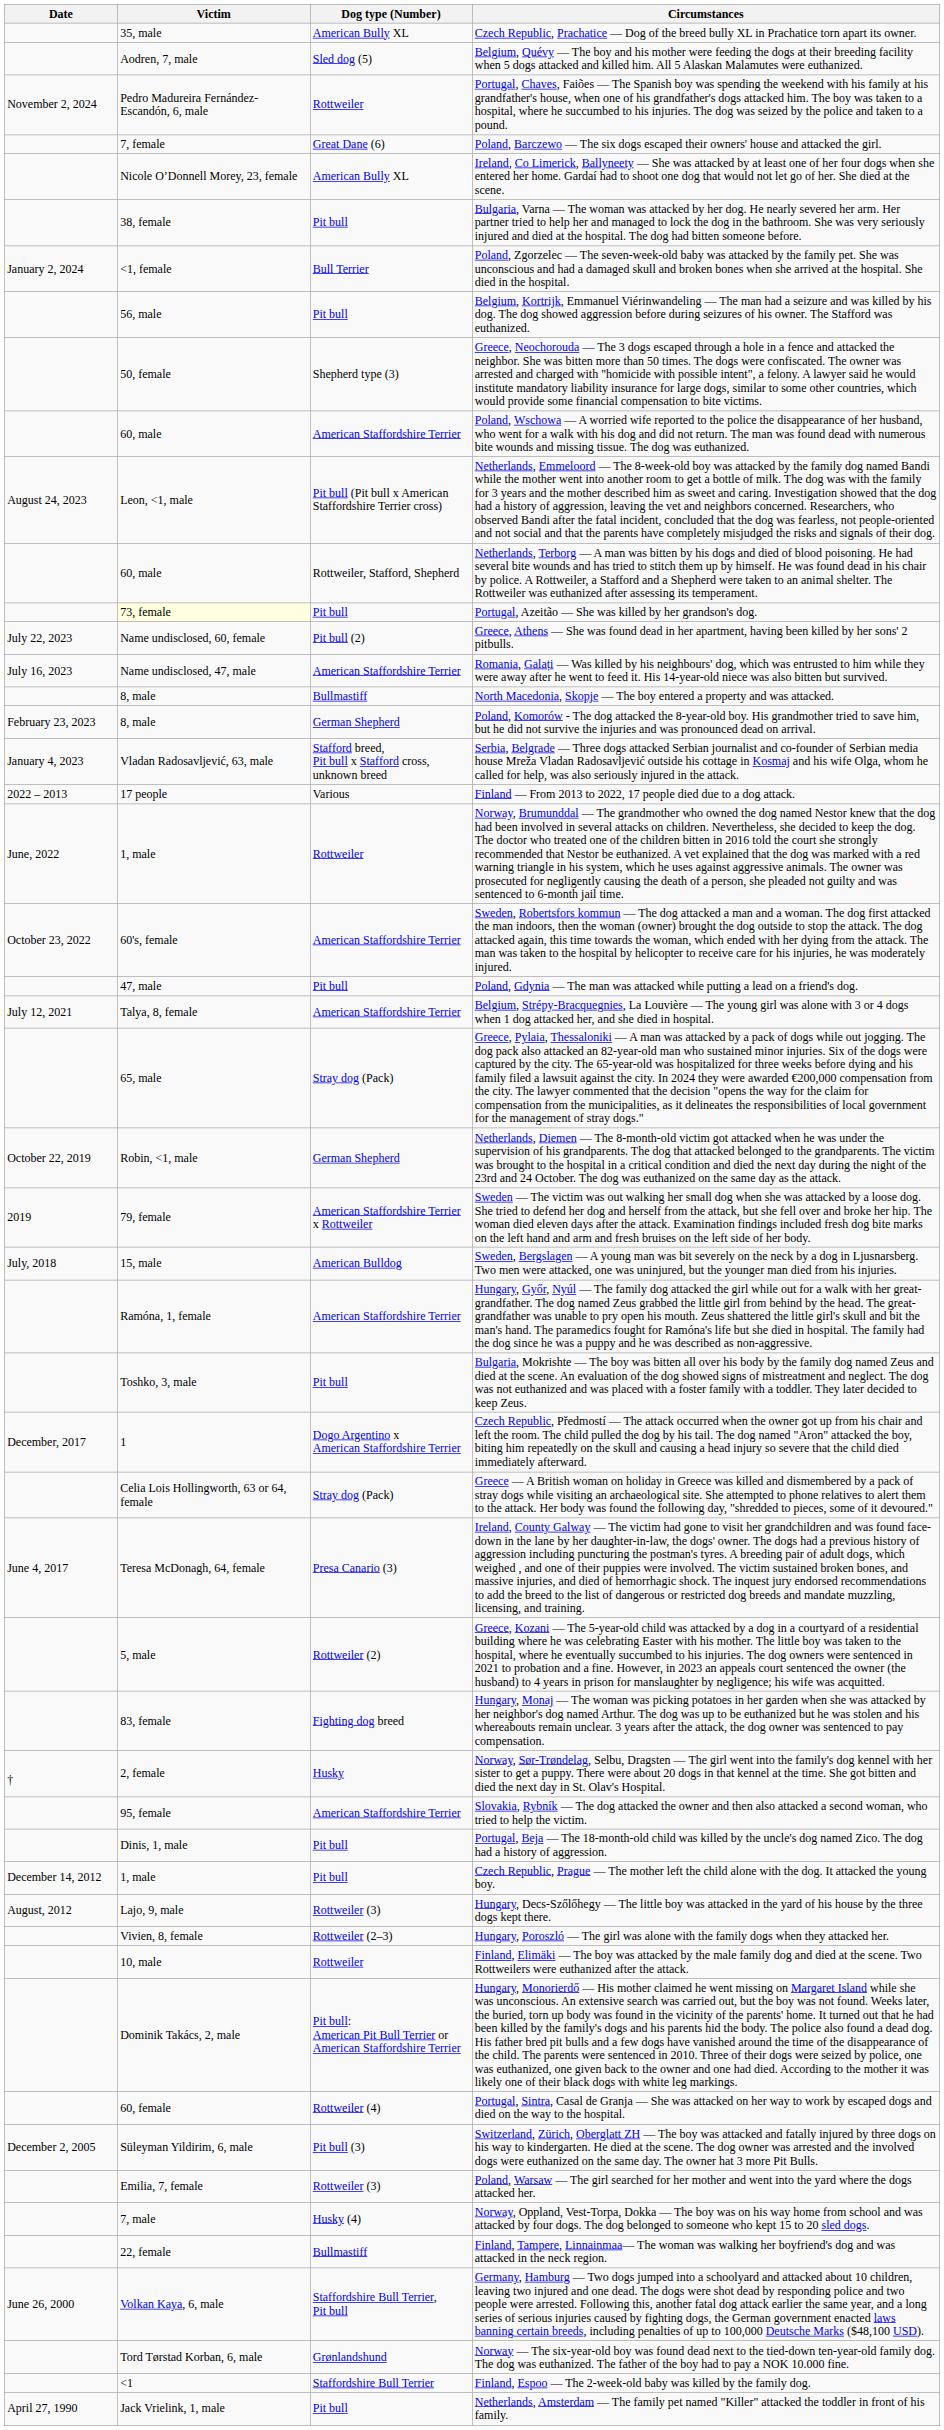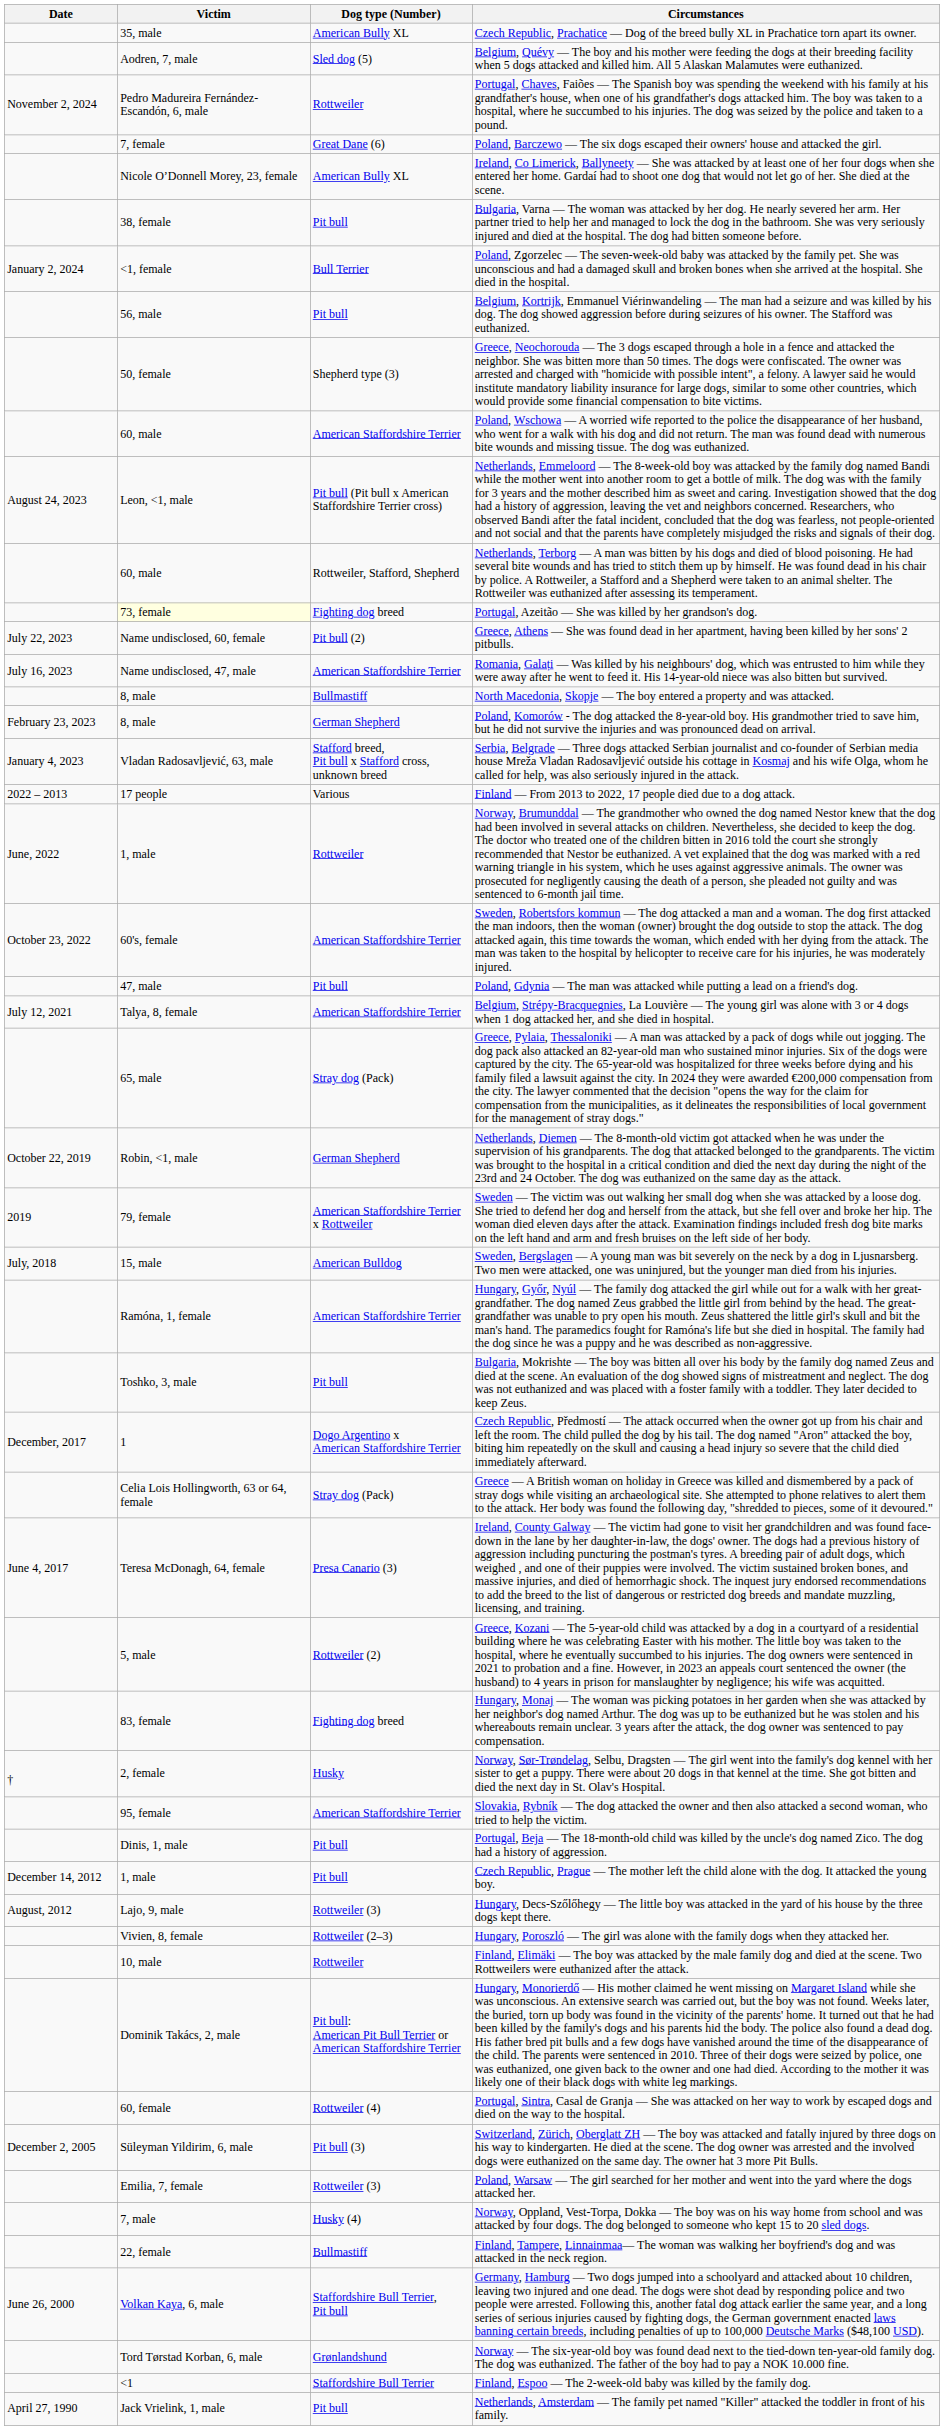 <table class="wikitable sortable">
 <tr>
 <th width="85">Date</th>
 <th style="width:150px;">Victim</th>
 <th style="width:125px;">Dog type (Number)</th>
 <th width="50%">Circumstances</th>
 </tr>
 <tr>
 <td></td>
 <td>35, male</td>
 <td><a href='#'>American Bully</a> XL</td>
 <td><a href='#'>Czech Republic</a>, <a href='#'>Prachatice</a> — Dog of the breed bully XL in Prachatice torn apart its owner.</td>
 </tr>
 <tr>
 <td></td>
 <td>Aodren, 7, male</td>
 <td><a href='#'>Sled dog</a> (5)</td>
 <td><a href='#'>Belgium</a>, <a href='#'>Quévy</a> — The boy and his mother were feeding the dogs at their breeding facility when 5 dogs attacked and killed him. All 5 Alaskan Malamutes were euthanized.</td>
 </tr>
 <tr>
 <td>November 2, 2024</td>
 <td>Pedro Madureira Fernández-Escandón, 6, male</td>
 <td><a href='#'>Rottweiler</a></td>
 <td><a href='#'>Portugal</a>, <a href='#'>Chaves</a>, Faiões — The Spanish boy was spending the weekend with his family at his grandfather's house, when one of his grandfather's dogs attacked him. The boy was taken to a hospital, where he succumbed to his injuries. The dog was seized by the police and taken to a pound.</td>
 </tr>
 <tr>
 <td></td>
 <td>7, female</td>
 <td><a href='#'>Great Dane</a> (6)</td>
 <td><a href='#'>Poland</a>, <a href='#'>Barczewo</a> — The six dogs escaped their owners' house and attacked the girl.</td>
 </tr>
 <tr>
 <td></td>
 <td>Nicole O’Donnell Morey, 23, female</td>
 <td><a href='#'>American Bully</a> XL</td>
 <td><a href='#'>Ireland</a>, <a href='#'>Co Limerick</a>, <a href='#'>Ballyneety</a> — She was attacked by at least one of her four dogs when she entered her home. Gardaí had to shoot one dog that would not let go of her. She died at the scene.</td>
 </tr>
 <tr>
 <td></td>
 <td>38, female</td>
 <td><a href='#'>Pit bull</a></td>
 <td><a href='#'>Bulgaria</a>, Varna — The woman was attacked by her dog. He nearly severed her arm. Her partner tried to help her and managed to lock the dog in the bathroom. She was very seriously injured and died at the hospital. The dog had bitten someone before.</td>
 </tr>
 <tr>
 <td>January 2, 2024</td>
 <td><1, female</td>
 <td><a href='#'>Bull Terrier</a></td>
 <td><a href='#'>Poland</a>, Zgorzelec — The seven-week-old baby was attacked by the family pet. She was unconscious and had a damaged skull and broken bones when she arrived at the hospital. She died in the hospital.</td>
 </tr>
 <tr>
 <td></td>
 <td>56, male</td>
 <td><a href='#'>Pit bull</a></td>
 <td><a href='#'>Belgium</a>, <a href='#'>Kortrijk</a>, Emmanuel Viérinwandeling — The man had a seizure and was killed by his dog. The dog showed aggression before during seizures of his owner. The Stafford was euthanized.</td>
 </tr>
 <tr>
 <td></td>
 <td>50, female</td>
 <td>Shepherd type (3)</td>
 <td><a href='#'>Greece</a>, <a href='#'>Neochorouda</a> — The 3 dogs escaped through a hole in a fence and attacked the neighbor. She was bitten more than 50 times. The dogs were confiscated. The owner was arrested and charged with "homicide with possible intent", a felony. A lawyer said he would institute mandatory liability insurance for large dogs, similar to some other countries, which would provide some financial compensation to bite victims.</td>
 </tr>
 <tr>
 <td></td>
 <td>60, male</td>
 <td><a href='#'>American Staffordshire Terrier</a></td>
 <td><a href='#'>Poland</a>, <a href='#'>Wschowa</a> — A worried wife reported to the police the disappearance of her husband, who went for a walk with his dog and did not return. The man was found dead with numerous bite wounds and missing tissue. The dog was euthanized.</td>
 </tr>
 <tr>
 <td>August 24, 2023</td>
 <td>Leon, <1, male</td>
 <td><a href='#'>Pit bull</a> (Pit bull x American Staffordshire Terrier cross)</td>
 <td><a href='#'>Netherlands</a>, <a href='#'>Emmeloord</a> — The 8-week-old boy was attacked by the family dog named Bandi while the mother went into another room to get a bottle of milk. The dog was with the family for 3 years and the mother described him as sweet and caring. Investigation showed that the dog had a history of aggression, leaving the vet and neighbors concerned. Researchers, who observed Bandi after the fatal incident, concluded that the dog was fearless, not people-oriented and not social and that the parents have completely misjudged the risks and signals of their dog.</td>
 </tr>
 <tr>
 <td></td>
 <td>60, male</td>
 <td>Rottweiler, Stafford, Shepherd</td>
 <td><a href='#'>Netherlands</a>, <a href='#'>Terborg</a> — A man was bitten by his dogs and died of blood poisoning. He had several bite wounds and has tried to stitch them up by himself. He was found dead in his chair by police. A Rottweiler, a Stafford and a Shepherd were taken to an animal shelter. The Rottweiler was euthanized after assessing its temperament.</td>
 </tr>
 <tr>
 <td></td>
 <td style="background: lightyellow;">73, female</td>
-<td><a href='#'>Pit bull</a></td>
+<td><a href='#'>Fighting dog</a> breed</td>
 <td><a href='#'>Portugal</a>, Azeitão — She was killed by her grandson's dog.</td>
 </tr>
 <tr>
 <td>July 22, 2023</td>
 <td>Name undisclosed, 60, female</td>
 <td><a href='#'>Pit bull</a> (2)</td>
 <td><a href='#'>Greece</a>, <a href='#'>Athens</a> — She was found dead in her apartment, having been killed by her sons' 2 pitbulls.</td>
 </tr>
 <tr>
 <td>July 16, 2023</td>
 <td>Name undisclosed, 47, male</td>
 <td><a href='#'>American Staffordshire Terrier</a></td>
 <td><a href='#'>Romania</a>, <a href='#'>Galați</a> — Was killed by his neighbours' dog, which was entrusted to him while they were away after he went to feed it. His 14-year-old niece was also bitten but survived.</td>
 </tr>
 <tr>
 <td></td>
 <td>8, male</td>
 <td><a href='#'>Bullmastiff</a></td>
 <td><a href='#'>North Macedonia</a>, <a href='#'>Skopje</a> — The boy entered a property and was attacked.</td>
 </tr>
 <tr>
 <td>February 23, 2023</td>
 <td>8, male</td>
 <td><a href='#'>German Shepherd</a></td>
 <td><a href='#'>Poland</a>, <a href='#'>Komorów</a> - The dog attacked the 8-year-old boy. His grandmother tried to save him, but he did not survive the injuries and was pronounced dead on arrival.</td>
 </tr>
 <tr>
 <td>January 4, 2023</td>
 <td>Vladan Radosavljević, 63, male</td>
 <td><a href='#'>Stafford</a> breed,<br><a href='#'>Pit bull</a> x <a href='#'>Stafford</a> cross, unknown breed</td>
 <td><a href='#'>Serbia</a>, <a href='#'>Belgrade</a> — Three dogs attacked Serbian journalist and co-founder of Serbian media house Mreža Vladan Radosavljević outside his cottage in <a href='#'>Kosmaj</a> and his wife Olga, whom he called for help, was also seriously injured in the attack.</td>
 </tr>
 <tr>
 <td>2022 – 2013</td>
 <td>17 people</td>
 <td>Various</td>
 <td><a href='#'>Finland</a> — From 2013 to 2022, 17 people died due to a dog attack.</td>
 </tr>
 <tr>
 <td>June, 2022</td>
 <td>1, male</td>
 <td><a href='#'>Rottweiler</a></td>
 <td><a href='#'>Norway</a>, <a href='#'>Brumunddal</a> — The grandmother who owned the dog named Nestor knew that the dog had been involved in several attacks on children. Nevertheless, she decided to keep the dog. The doctor who treated one of the children bitten in 2016 told the court she strongly recommended that Nestor be euthanized. A vet explained that the dog was marked with a red warning triangle in his system, which he uses against aggressive animals. The owner was prosecuted for negligently causing the death of a person, she pleaded not guilty and was sentenced to 6-month jail time.</td>
 </tr>
 <tr>
 <td>October 23, 2022</td>
 <td>60's, female</td>
 <td><a href='#'>American Staffordshire Terrier</a></td>
 <td><a href='#'>Sweden</a>, <a href='#'>Robertsfors kommun</a> — The dog attacked a man and a woman. The dog first attacked the man indoors, then the woman (owner) brought the dog outside to stop the attack. The dog attacked again, this time towards the woman, which ended with her dying from the attack. The man was taken to the hospital by helicopter to receive care for his injuries, he was moderately injured.</td>
 </tr>
 <tr>
 <td></td>
 <td>47, male</td>
 <td><a href='#'>Pit bull</a></td>
 <td><a href='#'>Poland</a>, <a href='#'>Gdynia</a> — The man was attacked while putting a lead on a friend's dog.</td>
 </tr>
 <tr>
 <td>July 12, 2021</td>
 <td>Talya, 8, female</td>
 <td><a href='#'>American Staffordshire Terrier</a></td>
 <td><a href='#'>Belgium</a>, <a href='#'>Strépy-Bracquegnies</a>, La Louvière — The young girl was alone with 3 or 4 dogs when 1 dog attacked her, and she died in hospital.</td>
 </tr>
 <tr>
 <td></td>
 <td>65, male</td>
 <td><a href='#'>Stray dog</a> (Pack)</td>
 <td><a href='#'>Greece</a>, <a href='#'>Pylaia</a>, <a href='#'>Thessaloniki</a> — A man was attacked by a pack of dogs while out jogging. The dog pack also attacked an 82-year-old man who sustained minor injuries. Six of the dogs were captured by the city. The 65-year-old was hospitalized for three weeks before dying and his family filed a lawsuit against the city. In 2024 they were awarded €200,000 compensation from the city. The lawyer commented that the decision "opens the way for the claim for compensation from the municipalities, as it delineates the responsibilities of local government for the management of stray dogs."</td>
 </tr>
 <tr>
 <td>October 22, 2019</td>
 <td>Robin, <1, male</td>
 <td><a href='#'>German Shepherd</a></td>
 <td><a href='#'>Netherlands</a>, <a href='#'>Diemen</a> — The 8-month-old victim got attacked when he was under the supervision of his grandparents. The dog that attacked belonged to the grandparents. The victim was brought to the hospital in a critical condition and died the next day during the night of the 23rd and 24 October. The dog was euthanized on the same day as the attack.</td>
 </tr>
 <tr>
 <td>2019</td>
 <td>79, female</td>
 <td><a href='#'>American Staffordshire Terrier</a> x <a href='#'>Rottweiler</a></td>
 <td><a href='#'>Sweden</a> — The victim was out walking her small dog when she was attacked by a loose dog. She tried to defend her dog and herself from the attack, but she fell over and broke her hip. The woman died eleven days after the attack. Examination findings included fresh dog bite marks on the left hand and arm and fresh bruises on the left side of her body.</td>
 </tr>
 <tr>
 <td>July, 2018</td>
 <td>15, male</td>
 <td><a href='#'>American Bulldog</a></td>
 <td><a href='#'>Sweden</a>, <a href='#'>Bergslagen</a> — A young man was bit severely on the neck by a dog in Ljusnarsberg. Two men were attacked, one was uninjured, but the younger man died from his injuries.</td>
 </tr>
 <tr>
 <td></td>
 <td>Ramóna, 1, female</td>
 <td><a href='#'>American Staffordshire Terrier</a></td>
 <td><a href='#'>Hungary</a>, <a href='#'>Győr</a>, <a href='#'>Nyúl</a> — The family dog attacked the girl while out for a walk with her great-grandfather. The dog named Zeus grabbed the little girl from behind by the head. The great-grandfather was unable to pry open his mouth. Zeus shattered the little girl's skull and bit the man's hand. The paramedics fought for Ramóna's life but she died in hospital. The family had the dog since he was a puppy and he was described as non-aggressive.</td>
 </tr>
 <tr>
 <td></td>
 <td>Toshko, 3, male</td>
 <td><a href='#'>Pit bull</a></td>
 <td><a href='#'>Bulgaria</a>, Mokrishte — The boy was bitten all over his body by the family dog named Zeus and died at the scene. An evaluation of the dog showed signs of mistreatment and neglect. The dog was not euthanized and was placed with a foster family with a toddler. They later decided to keep Zeus.</td>
 </tr>
 <tr>
 <td>December, 2017</td>
 <td>1</td>
 <td><a href='#'>Dogo Argentino</a> x<br><a href='#'>American Staffordshire Terrier</a></td>
 <td><a href='#'>Czech Republic</a>, Předmostí — The attack occurred when the owner got up from his chair and left the room. The child pulled the dog by his tail. The dog named "Aron" attacked the boy, biting him repeatedly on the skull and causing a head injury so severe that the child died immediately afterward.</td>
 </tr>
 <tr>
 <td></td>
 <td>Celia Lois Hollingworth, 63 or 64, female</td>
 <td><a href='#'>Stray dog</a> (Pack)</td>
 <td><a href='#'>Greece</a> — A British woman on holiday in Greece was killed and dismembered by a pack of stray dogs while visiting an archaeological site. She attempted to phone relatives to alert them to the attack. Her body was found the following day, "shredded to pieces, some of it devoured."</td>
 </tr>
 <tr>
 <td>June 4, 2017</td>
 <td>Teresa McDonagh, 64, female</td>
 <td><a href='#'>Presa Canario</a> (3)</td>
 <td><a href='#'>Ireland</a>, <a href='#'>County Galway</a> — The victim had gone to visit her grandchildren and was found face-down in the lane by her daughter-in-law, the dogs' owner. The dogs had a previous history of aggression including puncturing the postman's tyres. A breeding pair of adult dogs, which weighed , and one of their puppies were involved. The victim sustained broken bones, and massive injuries, and died of hemorrhagic shock. The inquest jury endorsed recommendations to add the breed to the list of dangerous or restricted dog breeds and mandate muzzling, licensing, and training.</td>
 </tr>
 <tr>
 <td></td>
 <td>5, male</td>
 <td><a href='#'>Rottweiler</a> (2)</td>
 <td><a href='#'>Greece</a>, <a href='#'>Kozani</a> — The 5-year-old child was attacked by a dog in a courtyard of a residential building where he was celebrating Easter with his mother. The little boy was taken to the hospital, where he eventually succumbed to his injuries. The dog owners were sentenced in 2021 to probation and a fine. However, in 2023 an appeals court sentenced the owner (the husband) to 4 years in prison for manslaughter by negligence; his wife was acquitted.</td>
 </tr>
 <tr>
 <td></td>
 <td>83, female</td>
 <td><a href='#'>Fighting dog</a> breed</td>
 <td><a href='#'>Hungary</a>, <a href='#'>Monaj</a> — The woman was picking potatoes in her garden when she was attacked by her neighbor's dog named Arthur. The dog was up to be euthanized but he was stolen and his whereabouts remain unclear. 3 years after the attack, the dog owner was sentenced to pay compensation.</td>
 </tr>
 <tr>
 <td><br> †</td>
 <td>2, female</td>
 <td><a href='#'>Husky</a></td>
 <td><a href='#'>Norway</a>, <a href='#'>Sør-Trøndelag</a>, Selbu, Dragsten — The girl went into the family's dog kennel with her sister to get a puppy. There were about 20 dogs in that kennel at the time. She got bitten and died the next day in St. Olav's Hospital.</td>
 </tr>
 <tr>
 <td></td>
 <td>95, female</td>
 <td><a href='#'>American Staffordshire Terrier</a></td>
 <td><a href='#'>Slovakia</a>, <a href='#'>Rybník</a> — The dog attacked the owner and then also attacked a second woman, who tried to help the victim.</td>
 </tr>
 <tr>
 <td></td>
 <td>Dinis, 1, male</td>
 <td><a href='#'>Pit bull</a></td>
 <td><a href='#'>Portugal</a>, <a href='#'>Beja</a> — The 18-month-old child was killed by the uncle's dog named Zico. The dog had a history of aggression.</td>
 </tr>
 <tr>
 <td>December 14, 2012</td>
 <td>1, male</td>
 <td><a href='#'>Pit bull</a></td>
 <td><a href='#'>Czech Republic</a>, <a href='#'>Prague</a> — The mother left the child alone with the dog. It attacked the young boy.</td>
 </tr>
 <tr>
 <td>August, 2012</td>
 <td>Lajo, 9, male</td>
 <td><a href='#'>Rottweiler</a> (3)</td>
 <td><a href='#'>Hungary</a>, Decs-Szőlőhegy — The little boy was attacked in the yard of his house by the three dogs kept there.</td>
 </tr>
 <tr>
 <td></td>
 <td>Vivien, 8, female</td>
 <td><a href='#'>Rottweiler</a> (2–3)</td>
 <td><a href='#'>Hungary</a>, <a href='#'>Poroszló</a> — The girl was alone with the family dogs when they attacked her.</td>
 </tr>
 <tr>
 <td></td>
 <td>10, male</td>
 <td><a href='#'>Rottweiler</a></td>
 <td><a href='#'>Finland</a>, <a href='#'>Elimäki</a> — The boy was attacked by the male family dog and died at the scene. Two Rottweilers were euthanized after the attack.</td>
 </tr>
 <tr>
 <td></td>
 <td>Dominik Takács, 2, male</td>
 <td><a href='#'>Pit bull</a>:<br><a href='#'>American Pit Bull Terrier</a> or <a href='#'>American Staffordshire Terrier</a></td>
 <td><a href='#'>Hungary</a>, <a href='#'>Monorierdő</a> — His mother claimed he went missing on <a href='#'>Margaret Island</a> while she was unconscious. An extensive search was carried out, but the boy was not found. Weeks later, the buried, torn up body was found in the vicinity of the parents' home. It turned out that he had been killed by the family's dogs and his parents hid the body. The police also found a dead dog. His father bred pit bulls and a few dogs have vanished around the time of the disappearance of the child. The parents were sentenced in 2010. Three of their dogs were seized by police, one was euthanized, one given back to the owner and one had died. According to the mother it was likely one of their black dogs with white leg markings.</td>
 </tr>
 <tr>
 <td></td>
 <td>60, female</td>
 <td><a href='#'>Rottweiler</a> (4)</td>
 <td><a href='#'>Portugal</a>, <a href='#'>Sintra</a>, Casal de Granja — She was attacked on her way to work by escaped dogs and died on the way to the hospital.</td>
 </tr>
 <tr>
 <td>December 2, 2005</td>
 <td>Süleyman Yildirim, 6, male</td>
 <td><a href='#'>Pit bull</a> (3)</td>
 <td><a href='#'>Switzerland</a>, <a href='#'>Zürich</a>, <a href='#'>Oberglatt ZH</a> — The boy was attacked and fatally injured by three dogs on his way to kindergarten. He died at the scene. The dog owner was arrested and the involved dogs were euthanized on the same day. The owner hat 3 more Pit Bulls.</td>
 </tr>
 <tr>
 <td></td>
 <td>Emilia, 7, female</td>
 <td><a href='#'>Rottweiler</a> (3)</td>
 <td><a href='#'>Poland</a>, <a href='#'>Warsaw</a> — The girl searched for her mother and went into the yard where the dogs attacked her.</td>
 </tr>
 <tr>
 <td></td>
 <td>7, male</td>
 <td><a href='#'>Husky</a> (4)</td>
 <td><a href='#'>Norway</a>, Oppland, Vest-Torpa, Dokka — The boy was on his way home from school and was attacked by four dogs. The dog belonged to someone who kept 15 to 20 <a href='#'>sled dogs</a>.</td>
 </tr>
 <tr>
 <td></td>
 <td>22, female</td>
 <td><a href='#'>Bullmastiff</a></td>
 <td><a href='#'>Finland</a>, <a href='#'>Tampere</a>, <a href='#'>Linnainmaa</a>— The woman was walking her boyfriend's dog and was attacked in the neck region.</td>
 </tr>
 <tr>
 <td>June 26, 2000</td>
 <td><a href='#'>Volkan Kaya</a>, 6, male</td>
 <td><a href='#'>Staffordshire Bull Terrier</a>,<br><a href='#'>Pit bull</a></td>
 <td><a href='#'>Germany</a>, <a href='#'>Hamburg</a> — Two dogs jumped into a schoolyard and attacked about 10 children, leaving two injured and one dead. The dogs were shot dead by responding police and two people were arrested. Following this, another fatal dog attack earlier the same year, and a long series of serious injuries caused by fighting dogs, the German government enacted <a href='#'>laws banning certain breeds</a>, including penalties of up to 100,000 <a href='#'>Deutsche Marks</a> ($48,100 <a href='#'>USD</a>).</td>
 </tr>
 <tr>
 <td></td>
 <td>Tord Tørstad Korban, 6, male</td>
 <td><a href='#'>Grønlandshund</a></td>
 <td><a href='#'>Norway</a> — The six-year-old boy was found dead next to the tied-down ten-year-old family dog. The dog was euthanized. The father of the boy had to pay a NOK 10.000 fine.</td>
 </tr>
 <tr>
 <td></td>
 <td><1</td>
 <td><a href='#'>Staffordshire Bull Terrier</a></td>
 <td><a href='#'>Finland</a>, <a href='#'>Espoo</a> — The 2-week-old baby was killed by the family dog.</td>
 </tr>
 <tr>
 <td>April 27, 1990</td>
 <td>Jack Vrielink, 1, male</td>
 <td><a href='#'>Pit bull</a></td>
 <td><a href='#'>Netherlands</a>, <a href='#'>Amsterdam</a> — The family pet named "Killer" attacked the toddler in front of his family.</td>
 </tr>
 </table>
